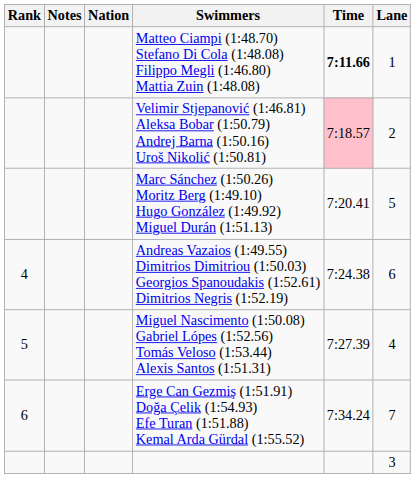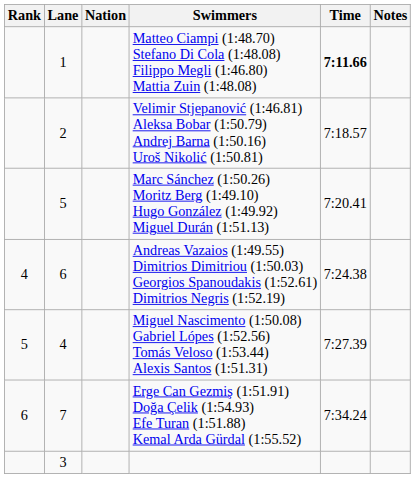 <table class="wikitable sortable" style="text-align:center">
 <tr>
 <th>Rank</th>
-<th>Notes</th>
+<th>Lane</th>
 <th>Nation</th>
 <th>Swimmers</th>
 <th>Time</th>
-<th>Lane</th>
+<th>Notes</th>
 </tr>
 <tr>
 <td></td>
-<td></td>
+<td>1</td>
 <td align=left></td>
 <td align=left><a href='#'>Matteo Ciampi</a> (1:48.70)<br><a href='#'>Stefano Di Cola</a> (1:48.08)<br><a href='#'>Filippo Megli</a> (1:46.80)<br><a href='#'>Mattia Zuin</a> (1:48.08)</td>
 <td><strong>7:11.66</strong></td>
-<td>1</td>
+<td></td>
 </tr>
 <tr>
 <td></td>
-<td></td>
+<td>2</td>
 <td align=left></td>
 <td align=left><a href='#'>Velimir Stjepanović</a> (1:46.81)<br><a href='#'>Aleksa Bobar</a> (1:50.79)<br><a href='#'>Andrej Barna</a> (1:50.16)<br><a href='#'>Uroš Nikolić</a> (1:50.81)</td>
-<td style="background: pink;">7:18.57</td>
-<td>2</td>
+<td>7:18.57</td>
+<td></td>
 </tr>
 <tr>
 <td></td>
-<td></td>
+<td>5</td>
 <td align=left></td>
 <td align=left><a href='#'>Marc Sánchez</a> (1:50.26)<br><a href='#'>Moritz Berg</a> (1:49.10)<br><a href='#'>Hugo González</a> (1:49.92)<br><a href='#'>Miguel Durán</a> (1:51.13)</td>
 <td>7:20.41</td>
-<td>5</td>
+<td></td>
 </tr>
 <tr>
 <td>4</td>
-<td></td>
+<td>6</td>
 <td align=left></td>
 <td align=left><a href='#'>Andreas Vazaios</a> (1:49.55)<br><a href='#'>Dimitrios Dimitriou</a> (1:50.03)<br><a href='#'>Georgios Spanoudakis</a> (1:52.61)<br><a href='#'>Dimitrios Negris</a> (1:52.19)</td>
 <td>7:24.38</td>
-<td>6</td>
+<td></td>
 </tr>
 <tr>
 <td>5</td>
-<td></td>
+<td>4</td>
 <td align=left></td>
 <td align=left><a href='#'>Miguel Nascimento</a> (1:50.08)<br><a href='#'>Gabriel Lópes</a> (1:52.56)<br><a href='#'>Tomás Veloso</a> (1:53.44)<br><a href='#'>Alexis Santos</a> (1:51.31)</td>
 <td>7:27.39</td>
-<td>4</td>
+<td></td>
 </tr>
 <tr>
 <td>6</td>
-<td></td>
+<td>7</td>
 <td align=left></td>
 <td align=left><a href='#'>Erge Can Gezmiş</a> (1:51.91)<br><a href='#'>Doğa Çelik</a> (1:54.93)<br><a href='#'>Efe Turan</a> (1:51.88)<br><a href='#'>Kemal Arda Gürdal</a> (1:55.52)</td>
 <td>7:34.24</td>
-<td>7</td>
+<td></td>
 </tr>
 <tr>
 <td></td>
-<td></td>
+<td>3</td>
 <td align=left></td>
 <td></td>
 <td></td>
-<td>3</td>
+<td></td>
 </tr>
 </table>
